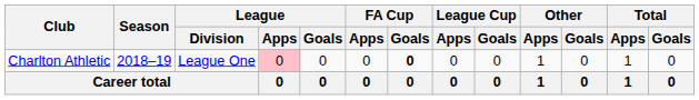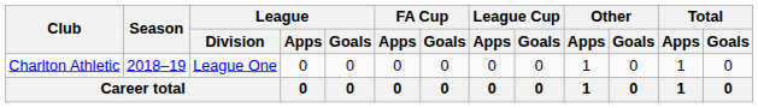 <table class="wikitable" style="text-align: center;">
 <tr>
 <th rowspan="2">Club</th>
 <th rowspan="2">Season</th>
 <th colspan="3">League</th>
 <th colspan="2">FA Cup</th>
 <th colspan="2">League Cup</th>
 <th colspan="2">Other</th>
 <th colspan="2">Total</th>
 </tr>
 <tr>
 <th>Division</th>
 <th>Apps</th>
 <th>Goals</th>
 <th>Apps</th>
 <th>Goals</th>
 <th>Apps</th>
 <th>Goals</th>
 <th>Apps</th>
 <th>Goals</th>
 <th>Apps</th>
 <th>Goals</th>
 </tr>
 <tr>
 <td><a href='#'>Charlton Athletic</a></td>
 <td><a href='#'>2018–19</a></td>
 <td><a href='#'>League One</a></td>
-<td style="background: pink;">0</td>
 <td>0</td>
 <td>0</td>
-<td><strong>0</strong></td>
+<td>0</td>
+<td>0</td>
 <td>0</td>
 <td>0</td>
 <td>1</td>
 <td>0</td>
 <td>1</td>
 <td>0</td>
 </tr>
 <tr>
 <th colspan="3">Career total</th>
 <th>0</th>
 <th>0</th>
 <th>0</th>
 <th>0</th>
 <th>0</th>
 <th>0</th>
 <th>1</th>
 <th>0</th>
 <th>1</th>
 <th>0</th>
 </tr>
 </table>
